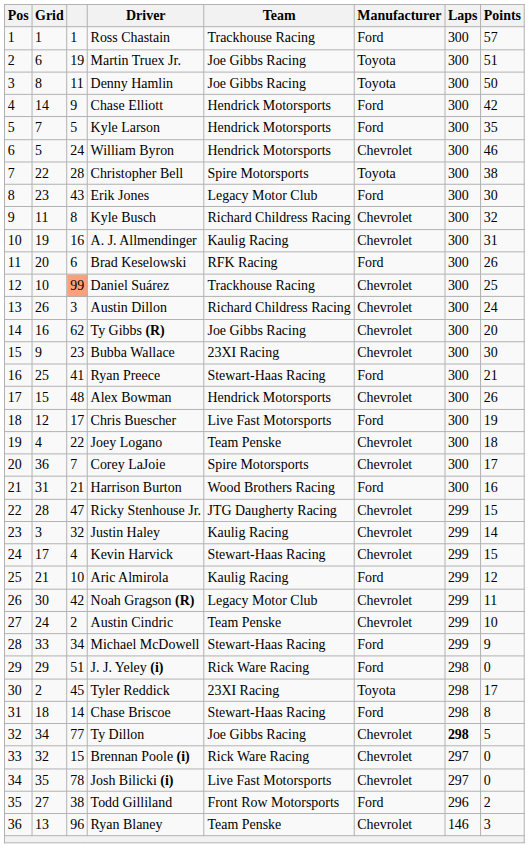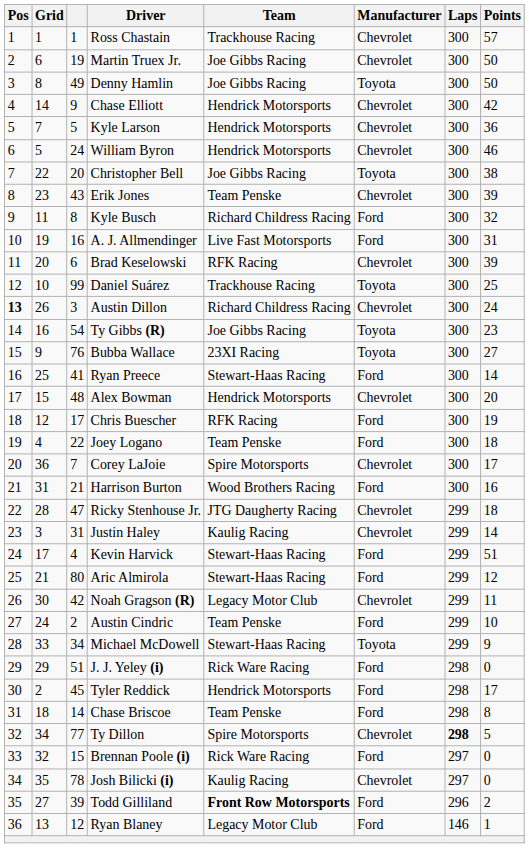 <table class="wikitable" style="font-size:98%">
 <tr>
 <th>Pos</th>
 <th>Grid</th>
 <th></th>
 <th>Driver</th>
 <th>Team</th>
 <th>Manufacturer</th>
 <th>Laps</th>
 <th>Points</th>
 </tr>
 <tr>
 <td>1</td>
 <td>1</td>
 <td>1</td>
 <td>Ross Chastain</td>
 <td>Trackhouse Racing</td>
-<td>Ford</td>
+<td>Chevrolet</td>
 <td>300</td>
 <td>57</td>
 </tr>
 <tr>
 <td>2</td>
 <td>6</td>
 <td>19</td>
 <td>Martin Truex Jr.</td>
 <td>Joe Gibbs Racing</td>
-<td>Toyota</td>
+<td>Chevrolet</td>
 <td>300</td>
-<td>51</td>
+<td>50</td>
 </tr>
 <tr>
 <td>3</td>
 <td>8</td>
-<td>11</td>
+<td>49</td>
 <td>Denny Hamlin</td>
 <td>Joe Gibbs Racing</td>
 <td>Toyota</td>
 <td>300</td>
 <td>50</td>
 </tr>
 <tr>
 <td>4</td>
 <td>14</td>
 <td>9</td>
 <td>Chase Elliott</td>
 <td>Hendrick Motorsports</td>
-<td>Ford</td>
+<td>Chevrolet</td>
 <td>300</td>
 <td>42</td>
 </tr>
 <tr>
 <td>5</td>
 <td>7</td>
 <td>5</td>
 <td>Kyle Larson</td>
 <td>Hendrick Motorsports</td>
-<td>Ford</td>
+<td>Chevrolet</td>
 <td>300</td>
-<td>35</td>
+<td>36</td>
 </tr>
 <tr>
 <td>6</td>
 <td>5</td>
 <td>24</td>
 <td>William Byron</td>
 <td>Hendrick Motorsports</td>
 <td>Chevrolet</td>
 <td>300</td>
 <td>46</td>
 </tr>
 <tr>
 <td>7</td>
 <td>22</td>
-<td>28</td>
+<td>20</td>
 <td>Christopher Bell</td>
-<td>Spire Motorsports</td>
+<td>Joe Gibbs Racing</td>
 <td>Toyota</td>
 <td>300</td>
 <td>38</td>
 </tr>
 <tr>
 <td>8</td>
 <td>23</td>
 <td>43</td>
 <td>Erik Jones</td>
-<td>Legacy Motor Club</td>
-<td>Ford</td>
+<td>Team Penske</td>
+<td>Chevrolet</td>
 <td>300</td>
-<td>30</td>
+<td>39</td>
 </tr>
 <tr>
 <td>9</td>
 <td>11</td>
 <td>8</td>
 <td>Kyle Busch</td>
 <td>Richard Childress Racing</td>
-<td>Chevrolet</td>
+<td>Ford</td>
 <td>300</td>
 <td>32</td>
 </tr>
 <tr>
 <td>10</td>
 <td>19</td>
 <td>16</td>
 <td>A. J. Allmendinger</td>
-<td>Kaulig Racing</td>
-<td>Chevrolet</td>
+<td>Live Fast Motorsports</td>
+<td>Ford</td>
 <td>300</td>
 <td>31</td>
 </tr>
 <tr>
 <td>11</td>
 <td>20</td>
 <td>6</td>
 <td>Brad Keselowski</td>
 <td>RFK Racing</td>
-<td>Ford</td>
+<td>Chevrolet</td>
 <td>300</td>
-<td>26</td>
+<td>39</td>
 </tr>
 <tr>
 <td>12</td>
 <td>10</td>
-<td style="background: lightsalmon;">99</td>
+<td>99</td>
 <td>Daniel Suárez</td>
 <td>Trackhouse Racing</td>
-<td>Chevrolet</td>
+<td>Toyota</td>
 <td>300</td>
 <td>25</td>
 </tr>
 <tr>
-<td>13</td>
+<td><strong>13</strong></td>
 <td>26</td>
 <td>3</td>
 <td>Austin Dillon</td>
 <td>Richard Childress Racing</td>
 <td>Chevrolet</td>
 <td>300</td>
 <td>24</td>
 </tr>
 <tr>
 <td>14</td>
 <td>16</td>
-<td>62</td>
+<td>54</td>
 <td>Ty Gibbs <strong>(R)</strong></td>
 <td>Joe Gibbs Racing</td>
-<td>Chevrolet</td>
+<td>Toyota</td>
 <td>300</td>
-<td>20</td>
+<td>23</td>
 </tr>
 <tr>
 <td>15</td>
 <td>9</td>
-<td>23</td>
+<td>76</td>
 <td>Bubba Wallace</td>
 <td>23XI Racing</td>
-<td>Chevrolet</td>
+<td>Toyota</td>
 <td>300</td>
-<td>30</td>
+<td>27</td>
 </tr>
 <tr>
 <td>16</td>
 <td>25</td>
 <td>41</td>
 <td>Ryan Preece</td>
 <td>Stewart-Haas Racing</td>
 <td>Ford</td>
 <td>300</td>
-<td>21</td>
+<td>14</td>
 </tr>
 <tr>
 <td>17</td>
 <td>15</td>
 <td>48</td>
 <td>Alex Bowman</td>
 <td>Hendrick Motorsports</td>
 <td>Chevrolet</td>
 <td>300</td>
-<td>26</td>
+<td>20</td>
 </tr>
 <tr>
 <td>18</td>
 <td>12</td>
 <td>17</td>
 <td>Chris Buescher</td>
-<td>Live Fast Motorsports</td>
+<td>RFK Racing</td>
 <td>Ford</td>
 <td>300</td>
 <td>19</td>
 </tr>
 <tr>
 <td>19</td>
 <td>4</td>
 <td>22</td>
 <td>Joey Logano</td>
 <td>Team Penske</td>
-<td>Chevrolet</td>
+<td>Ford</td>
 <td>300</td>
 <td>18</td>
 </tr>
 <tr>
 <td>20</td>
 <td>36</td>
 <td>7</td>
 <td>Corey LaJoie</td>
 <td>Spire Motorsports</td>
 <td>Chevrolet</td>
 <td>300</td>
 <td>17</td>
 </tr>
 <tr>
 <td>21</td>
 <td>31</td>
 <td>21</td>
 <td>Harrison Burton</td>
 <td>Wood Brothers Racing</td>
 <td>Ford</td>
 <td>300</td>
 <td>16</td>
 </tr>
 <tr>
 <td>22</td>
 <td>28</td>
 <td>47</td>
 <td>Ricky Stenhouse Jr.</td>
 <td>JTG Daugherty Racing</td>
 <td>Chevrolet</td>
 <td>299</td>
-<td>15</td>
+<td>18</td>
 </tr>
 <tr>
 <td>23</td>
 <td>3</td>
-<td>32</td>
+<td>31</td>
 <td>Justin Haley</td>
 <td>Kaulig Racing</td>
 <td>Chevrolet</td>
 <td>299</td>
 <td>14</td>
 </tr>
 <tr>
 <td>24</td>
 <td>17</td>
 <td>4</td>
 <td>Kevin Harvick</td>
 <td>Stewart-Haas Racing</td>
-<td>Chevrolet</td>
+<td>Ford</td>
 <td>299</td>
-<td>15</td>
+<td>51</td>
 </tr>
 <tr>
 <td>25</td>
 <td>21</td>
-<td>10</td>
+<td>80</td>
 <td>Aric Almirola</td>
-<td>Kaulig Racing</td>
+<td>Stewart-Haas Racing</td>
 <td>Ford</td>
 <td>299</td>
 <td>12</td>
 </tr>
 <tr>
 <td>26</td>
 <td>30</td>
 <td>42</td>
 <td>Noah Gragson <strong>(R)</strong></td>
 <td>Legacy Motor Club</td>
 <td>Chevrolet</td>
 <td>299</td>
 <td>11</td>
 </tr>
 <tr>
 <td>27</td>
 <td>24</td>
 <td>2</td>
 <td>Austin Cindric</td>
 <td>Team Penske</td>
-<td>Chevrolet</td>
+<td>Ford</td>
 <td>299</td>
 <td>10</td>
 </tr>
 <tr>
 <td>28</td>
 <td>33</td>
 <td>34</td>
 <td>Michael McDowell</td>
 <td>Stewart-Haas Racing</td>
-<td>Ford</td>
+<td>Toyota</td>
 <td>299</td>
 <td>9</td>
 </tr>
 <tr>
 <td>29</td>
 <td>29</td>
 <td>51</td>
 <td>J. J. Yeley <strong>(i)</strong></td>
 <td>Rick Ware Racing</td>
 <td>Ford</td>
 <td>298</td>
 <td>0</td>
 </tr>
 <tr>
 <td>30</td>
 <td>2</td>
 <td>45</td>
 <td>Tyler Reddick</td>
-<td>23XI Racing</td>
-<td>Toyota</td>
+<td>Hendrick Motorsports</td>
+<td>Ford</td>
 <td>298</td>
 <td>17</td>
 </tr>
 <tr>
 <td>31</td>
 <td>18</td>
 <td>14</td>
 <td>Chase Briscoe</td>
-<td>Stewart-Haas Racing</td>
+<td>Team Penske</td>
 <td>Ford</td>
 <td>298</td>
 <td>8</td>
 </tr>
 <tr>
 <td>32</td>
 <td>34</td>
 <td>77</td>
 <td>Ty Dillon</td>
-<td>Joe Gibbs Racing</td>
+<td>Spire Motorsports</td>
 <td>Chevrolet</td>
 <td><strong>298</strong></td>
 <td>5</td>
 </tr>
 <tr>
 <td>33</td>
 <td>32</td>
 <td>15</td>
 <td>Brennan Poole <strong>(i)</strong></td>
 <td>Rick Ware Racing</td>
-<td>Chevrolet</td>
+<td>Ford</td>
 <td>297</td>
 <td>0</td>
 </tr>
 <tr>
 <td>34</td>
 <td>35</td>
 <td>78</td>
 <td>Josh Bilicki <strong>(i)</strong></td>
-<td>Live Fast Motorsports</td>
+<td>Kaulig Racing</td>
 <td>Chevrolet</td>
 <td>297</td>
 <td>0</td>
 </tr>
 <tr>
 <td>35</td>
 <td>27</td>
-<td>38</td>
+<td>39</td>
 <td>Todd Gilliland</td>
-<td>Front Row Motorsports</td>
+<td><strong>Front Row Motorsports</strong></td>
 <td>Ford</td>
 <td>296</td>
 <td>2</td>
 </tr>
 <tr>
 <td>36</td>
 <td>13</td>
-<td>96</td>
+<td>12</td>
 <td>Ryan Blaney</td>
-<td>Team Penske</td>
-<td>Chevrolet</td>
+<td>Legacy Motor Club</td>
+<td>Ford</td>
 <td>146</td>
-<td>3</td>
+<td>1</td>
 </tr>
 <tr>
 <th colspan="8"></th>
 </tr>
 </table>
